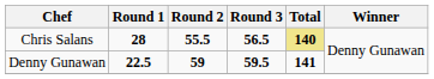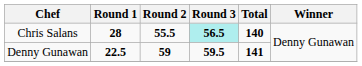 <table class="wikitable"  style="float:left; margin:auto; text-align:center;">
 <tr>
 <th>Chef</th>
 <th>Round 1</th>
 <th>Round 2</th>
 <th>Round 3</th>
 <th>Total</th>
 <th>Winner</th>
 </tr>
 <tr>
 <td>Chris Salans</td>
 <td><strong>28</strong></td>
 <td><strong>55.5</strong></td>
-<td><strong>56.5</strong></td>
-<td style="background: khaki;"><strong>140</strong></td>
+<td style="background: paleturquoise;"><strong>56.5</strong></td>
+<td><strong>140</strong></td>
 <td rowspan=2>Denny Gunawan</td>
 </tr>
 <tr>
 <td>Denny Gunawan</td>
 <td><strong>22.5</strong></td>
 <td><strong>59</strong></td>
 <td><strong>59.5</strong></td>
 <td><strong>141</strong></td>
 </tr>
 <tr>
 </tr>
 </table>
